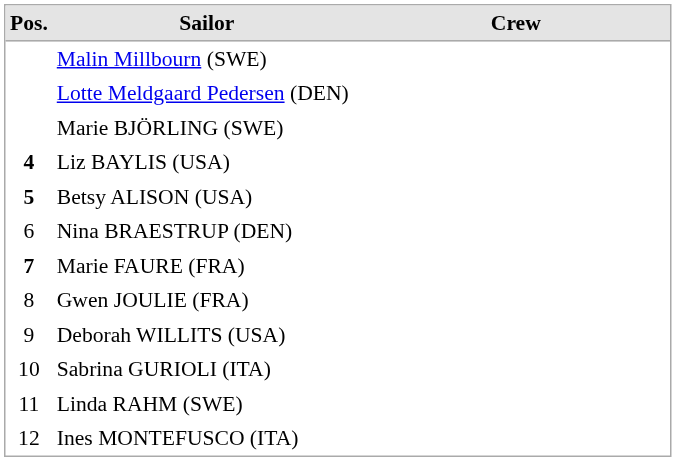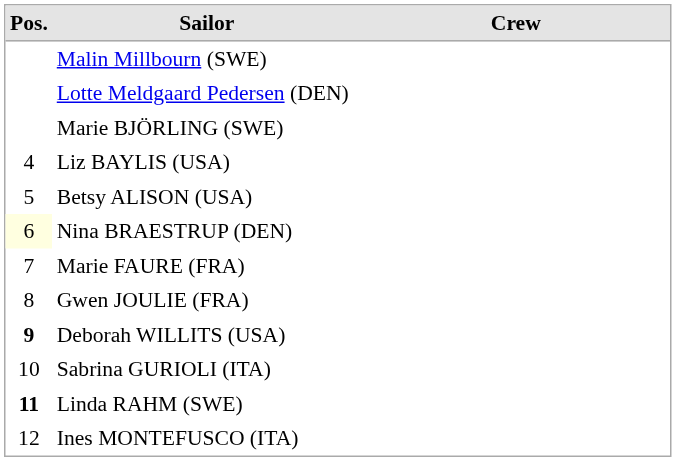 <table cellspacing="0" cellpadding="3" style="border:1px solid #AAAAAA;font-size:90%">
 <tr bgcolor="#E4E4E4">
 <th style="border-bottom:1px solid #AAAAAA" width=10>Pos.</th>
 <th style="border-bottom:1px solid #AAAAAA" width=200>Sailor</th>
 <th style="border-bottom:1px solid #AAAAAA" width=200>Crew</th>
 </tr>
 <tr>
 <td align="center"></td>
 <td><a href='#'>Malin Millbourn</a> (SWE)</td>
 <td></td>
 </tr>
 <tr>
 <td align="center"></td>
 <td><a href='#'>Lotte Meldgaard Pedersen</a> (DEN)</td>
 <td></td>
 </tr>
 <tr>
 <td align="center"></td>
 <td>Marie BJÖRLING (SWE)</td>
 <td></td>
 </tr>
 <tr>
-<td align="center"><strong>4</strong></td>
+<td align="center">4</td>
 <td>Liz BAYLIS (USA)</td>
 <td></td>
 </tr>
 <tr>
-<td align="center"><strong>5</strong></td>
+<td align="center">5</td>
 <td>Betsy ALISON (USA)</td>
 <td></td>
 </tr>
 <tr>
-<td align="center">6</td>
+<td align="center" style="background: lightyellow;">6</td>
 <td>Nina BRAESTRUP (DEN)</td>
 <td></td>
 </tr>
 <tr>
-<td align="center"><strong>7</strong></td>
+<td align="center">7</td>
 <td>Marie FAURE (FRA)</td>
 <td></td>
 </tr>
 <tr>
 <td align="center">8</td>
 <td>Gwen JOULIE (FRA)</td>
 <td></td>
 </tr>
 <tr>
-<td align="center">9</td>
+<td align="center"><strong>9</strong></td>
 <td>Deborah WILLITS (USA)</td>
 <td></td>
 </tr>
 <tr>
 <td align="center">10</td>
 <td>Sabrina GURIOLI (ITA)</td>
 <td></td>
 </tr>
 <tr>
-<td align="center">11</td>
+<td align="center"><strong>11</strong></td>
 <td>Linda RAHM (SWE)</td>
 <td></td>
 </tr>
 <tr>
 <td align="center">12</td>
 <td>Ines MONTEFUSCO (ITA)</td>
 <td></td>
 </tr>
 <tr>
 </tr>
 </table>
